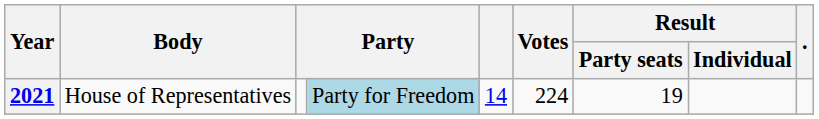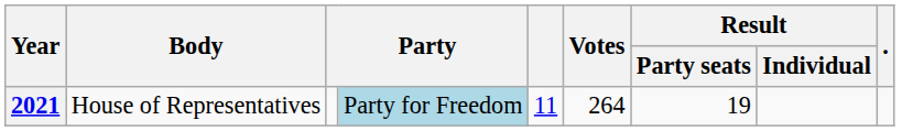 <table class="wikitable plainrowheaders sortable" border=2 cellpadding=4 cellspacing=0 style="border: 1px #aaa solid; font-size: 90%; text-align:center;">
 <tr>
 <th scope="col" rowspan=2>Year</th>
 <th scope="col" rowspan=2>Body</th>
 <th scope="col" colspan=2 rowspan=2>Party</th>
 <th scope="col" rowspan=2></th>
 <th scope="col" rowspan=2>Votes</th>
 <th scope="colgroup" colspan=2>Result</th>
 <th scope="col" rowspan=2 class="unsortable">.</th>
 </tr>
 <tr>
 <th scope="col">Party seats</th>
 <th scope="col">Individual</th>
 </tr>
 <tr>
 <th scope="row"><a href='#'>2021</a></th>
 <td>House of Representatives</td>
 <td style="background-color:"></td>
 <td style="background: lightblue;">Party for Freedom</td>
-<td style=text-align:right><a href='#'>14</a></td>
-<td style=text-align:right>224</td>
+<td style=text-align:right><a href='#'>11</a></td>
+<td style=text-align:right>264</td>
 <td style=text-align:right>19</td>
 <td></td>
 <td></td>
 </tr>
 </table>
